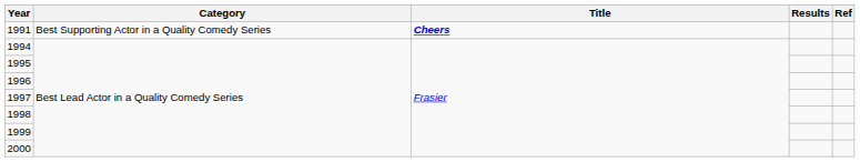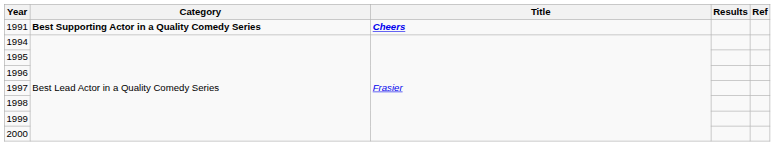 <table class="wikitable">
 <tr>
 <th scope="col" style="width:1em;">Year</th>
 <th scope="col" style="width:35em;">Category</th>
 <th scope="col" style="width:35em;">Title</th>
 <th scope="col" style="width:1em;">Results</th>
 <th scope="col" style="width:1em;">Ref</th>
 </tr>
 <tr>
 <td>1991</td>
-<td>Best Supporting Actor in a Quality Comedy Series</td>
+<td><strong>Best Supporting Actor in a Quality Comedy Series</strong></td>
 <td><strong><em><a href='#'>Cheers</a></em></strong></td>
 <td></td>
 <td></td>
 </tr>
 <tr>
 <td>1994</td>
 <td rowspan="7">Best Lead Actor in a Quality Comedy Series</td>
 <td rowspan="7"><em><a href='#'>Frasier</a></em></td>
 <td></td>
 <td></td>
 </tr>
 <tr>
 <td>1995</td>
 <td></td>
 <td></td>
 </tr>
 <tr>
 <td>1996</td>
 <td></td>
 <td></td>
 </tr>
 <tr>
 <td>1997</td>
 <td></td>
 <td></td>
 </tr>
 <tr>
 <td>1998</td>
 <td></td>
 <td></td>
 </tr>
 <tr>
 <td>1999</td>
 <td></td>
 <td></td>
 </tr>
 <tr>
 <td>2000</td>
 <td></td>
 <td></td>
 </tr>
 </table>
